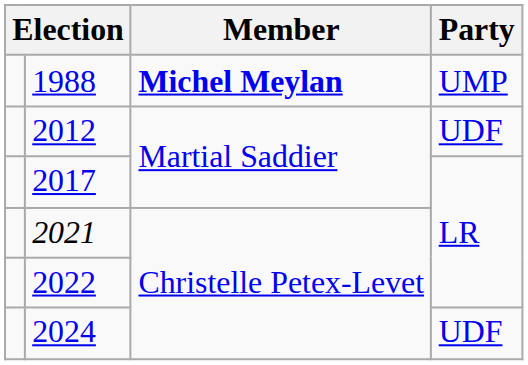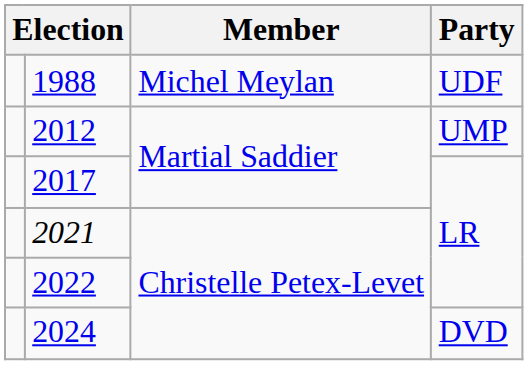 <table class="wikitable">
 <tr>
 <th colspan=2>Election</th>
 <th>Member</th>
 <th>Party</th>
 </tr>
 <tr>
 <td style="background-color: "></td>
 <td><a href='#'>1988</a></td>
-<td><strong><a href='#'>Michel Meylan</a></strong></td>
-<td><a href='#'>UMP</a></td>
+<td><a href='#'>Michel Meylan</a></td>
+<td><a href='#'>UDF</a></td>
 </tr>
 <tr>
 <td style="background-color: "></td>
 <td><a href='#'>2012</a></td>
 <td rowspan="2"><a href='#'>Martial Saddier</a></td>
-<td><a href='#'>UDF</a></td>
+<td><a href='#'>UMP</a></td>
 </tr>
 <tr>
 <td style="background-color: "></td>
 <td><a href='#'>2017</a></td>
 <td rowspan="3"><a href='#'>LR</a></td>
 </tr>
 <tr>
 <td style="background-color: "></td>
 <td><em>2021</em></td>
 <td rowspan="3"><a href='#'>Christelle Petex-Levet</a></td>
 </tr>
 <tr>
 <td style="background-color: "></td>
 <td><a href='#'>2022</a></td>
 </tr>
 <tr>
 <td style="background-color: "></td>
 <td><a href='#'>2024</a></td>
-<td><a href='#'>UDF</a></td>
+<td><a href='#'>DVD</a></td>
 </tr>
 </table>
